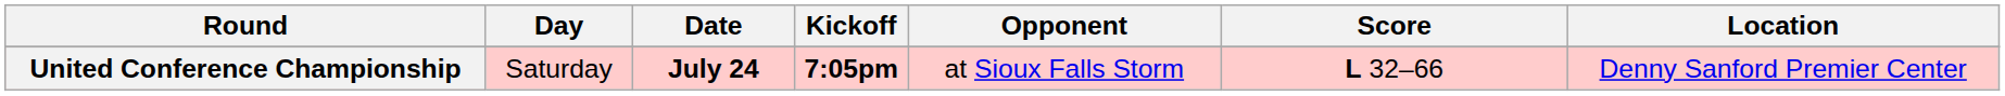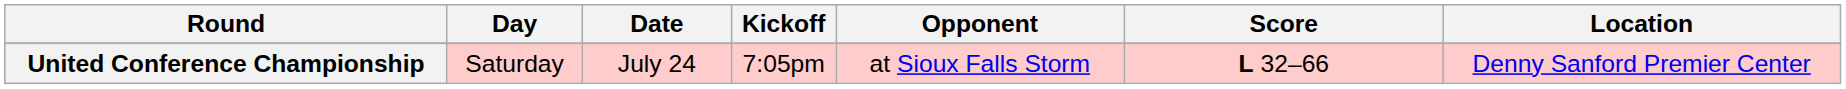 <table class="wikitable">
 <tr>
 <th rowspan="1" width="280">Round</th>
 <th rowspan="1" width="80">Day</th>
 <th rowspan="1" width="90">Date</th>
 <th rowspan="1" width="60">Kickoff</th>
 <th rowspan="1" width="180">Opponent</th>
 <th colspan="1" width="200">Score</th>
 <th rowspan="1" width="250">Location</th>
 </tr>
 <tr>
 </tr>
 <tr align="center" bgcolor="#FFCCCC">
 <th>United Conference Championship</th>
 <td>Saturday</td>
-<td><strong>July 24</strong></td>
-<td><strong>7:05pm</strong></td>
+<td>July 24</td>
+<td>7:05pm</td>
 <td>at <a href='#'>Sioux Falls Storm</a></td>
 <td><strong>L</strong> 32–66</td>
 <td><a href='#'>Denny Sanford Premier Center</a></td>
 </tr>
 </table>
